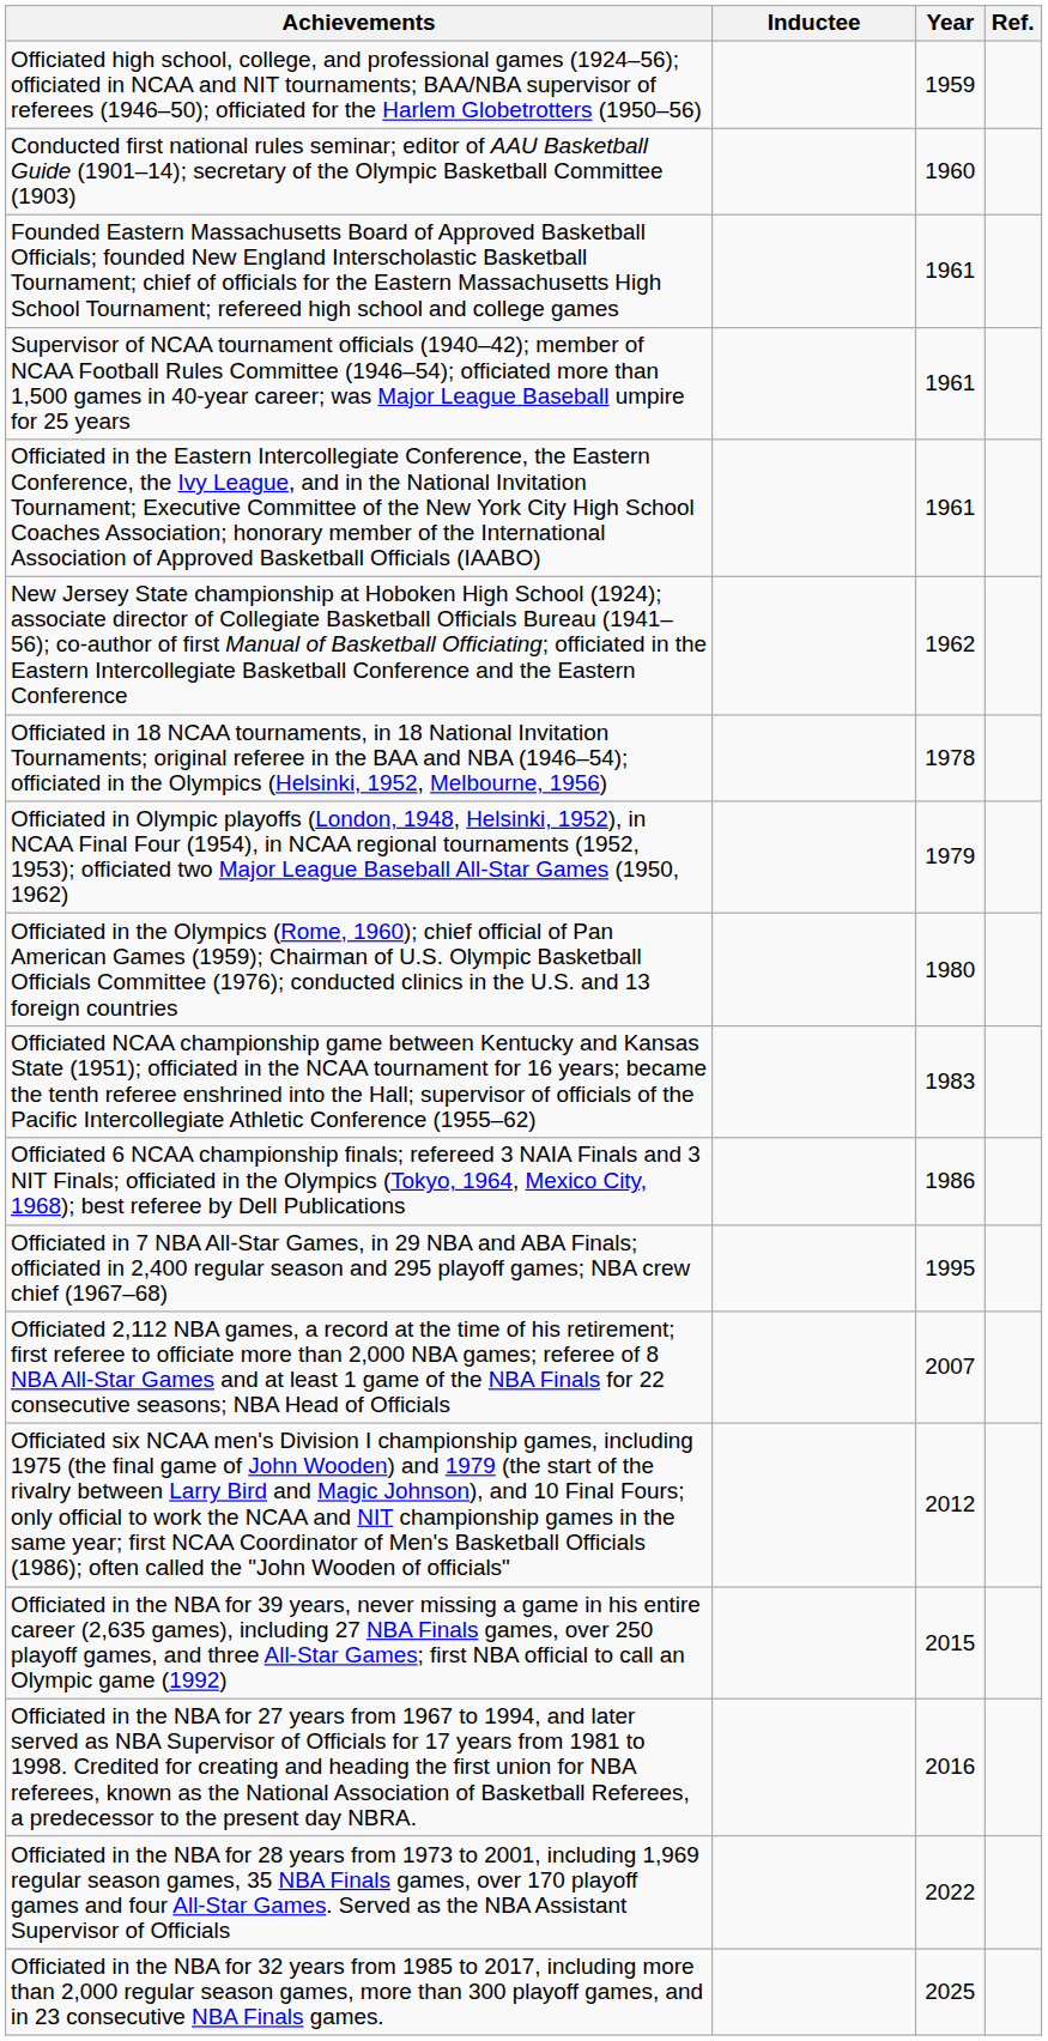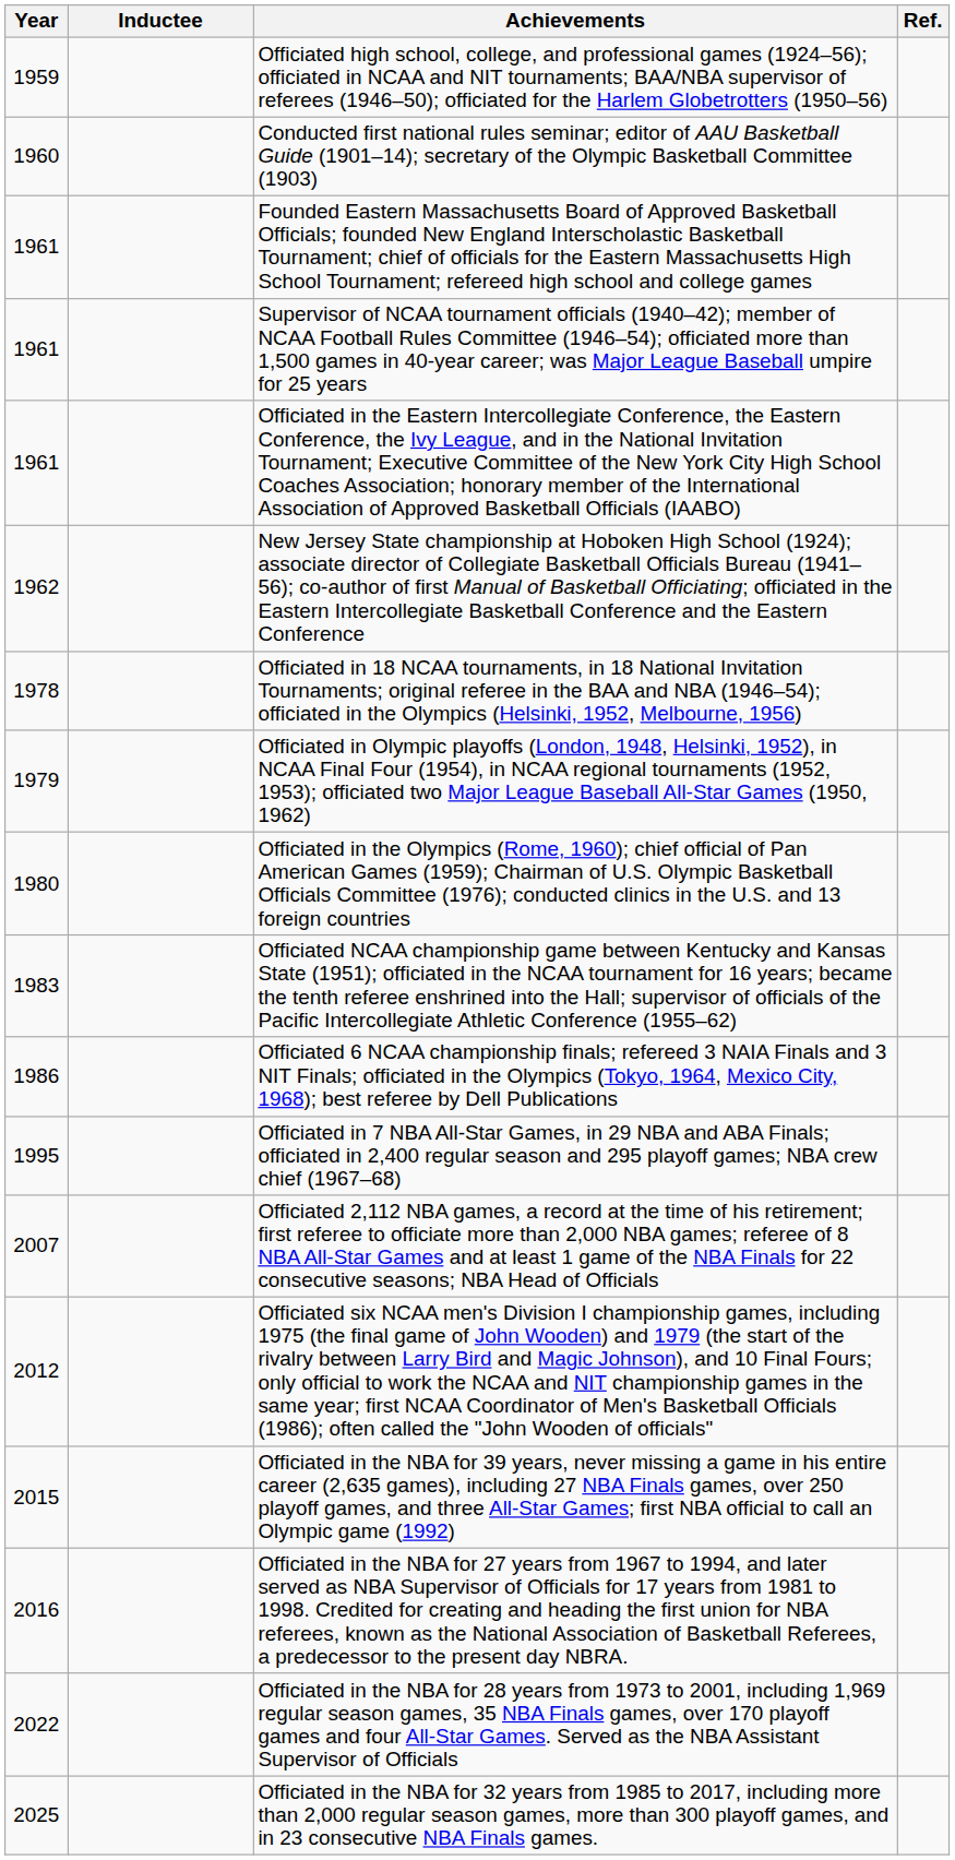 <table class="wikitable sortable" style="text-align:center; width:83%">
 <tr>
+<th width=5%>Year</th>
+<th width=17%>Inductee</th>
 <th class="unsortable" style="width:59%;">Achievements</th>
-<th width=17%>Inductee</th>
-<th width=5%>Year</th>
 <th class="unsortable" style="width:2%;">Ref.</th>
 </tr>
 <tr>
+<td>1959</td>
+<td></td>
 <td align="left">Officiated high school, college, and professional games (1924–56); officiated in NCAA and NIT tournaments; BAA/NBA supervisor of referees (1946–50); officiated for the <a href='#'>Harlem Globetrotters</a> (1950–56)</td>
-<td></td>
-<td>1959</td>
 <td style="text-align:center;"></td>
 </tr>
 <tr>
+<td>1960</td>
+<td></td>
 <td align="left">Conducted first national rules seminar; editor of <em>AAU Basketball Guide</em> (1901–14); secretary of the Olympic Basketball Committee (1903)</td>
-<td></td>
-<td>1960</td>
 <td style="text-align:center;"></td>
 </tr>
 <tr>
+<td>1961</td>
+<td></td>
 <td align="left">Founded Eastern Massachusetts Board of Approved Basketball Officials; founded New England Interscholastic Basketball Tournament; chief of officials for the Eastern Massachusetts High School Tournament; refereed high school and college games</td>
-<td></td>
-<td>1961</td>
 <td style="text-align:center;"></td>
 </tr>
 <tr>
+<td>1961</td>
+<td></td>
 <td align="left">Supervisor of NCAA tournament officials (1940–42); member of NCAA Football Rules Committee (1946–54); officiated more than 1,500 games in 40-year career; was <a href='#'>Major League Baseball</a> umpire for 25 years</td>
-<td></td>
-<td>1961</td>
 <td style="text-align:center;"></td>
 </tr>
 <tr>
+<td>1961</td>
+<td></td>
 <td align="left">Officiated in the Eastern Intercollegiate Conference, the Eastern Conference, the <a href='#'>Ivy League</a>, and in the National Invitation Tournament; Executive Committee of the New York City High School Coaches Association; honorary member of the International Association of Approved Basketball Officials (IAABO)</td>
-<td></td>
-<td>1961</td>
 <td style="text-align:center;"></td>
 </tr>
 <tr>
+<td>1962</td>
+<td></td>
 <td align="left">New Jersey State championship at Hoboken High School (1924); associate director of Collegiate Basketball Officials Bureau (1941–56); co-author of first <em>Manual of Basketball Officiating</em>; officiated in the Eastern Intercollegiate Basketball Conference and the Eastern Conference</td>
-<td></td>
-<td>1962</td>
 <td style="text-align:center;"></td>
 </tr>
 <tr>
+<td>1978</td>
+<td></td>
 <td align="left">Officiated in 18 NCAA tournaments, in 18 National Invitation Tournaments; original referee in the BAA and NBA (1946–54); officiated in the Olympics (<a href='#'>Helsinki, 1952</a>, <a href='#'>Melbourne, 1956</a>)</td>
-<td></td>
-<td>1978</td>
 <td style="text-align:center;"></td>
 </tr>
 <tr>
+<td>1979</td>
+<td></td>
 <td align="left">Officiated in Olympic playoffs (<a href='#'>London, 1948</a>, <a href='#'>Helsinki, 1952</a>), in NCAA Final Four (1954), in NCAA regional tournaments (1952, 1953); officiated two <a href='#'>Major League Baseball All-Star Games</a> (1950, 1962)</td>
-<td></td>
-<td>1979</td>
 <td style="text-align:center;"></td>
 </tr>
 <tr>
+<td>1980</td>
+<td></td>
 <td align="left">Officiated in the Olympics (<a href='#'>Rome, 1960</a>); chief official of Pan American Games (1959); Chairman of U.S. Olympic Basketball Officials Committee (1976); conducted clinics in the U.S. and 13 foreign countries</td>
-<td></td>
-<td>1980</td>
 <td style="text-align:center;"></td>
 </tr>
 <tr>
+<td>1983</td>
+<td></td>
 <td align="left">Officiated NCAA championship game between Kentucky and Kansas State (1951); officiated in the NCAA tournament for 16 years; became the tenth referee enshrined into the Hall; supervisor of officials of the Pacific Intercollegiate Athletic Conference (1955–62)</td>
-<td></td>
-<td>1983</td>
 <td style="text-align:center;"></td>
 </tr>
 <tr>
+<td>1986</td>
+<td></td>
 <td align="left">Officiated 6 NCAA championship finals; refereed 3 NAIA Finals and 3 NIT Finals; officiated in the Olympics (<a href='#'>Tokyo, 1964</a>, <a href='#'>Mexico City, 1968</a>); best referee by Dell Publications</td>
-<td></td>
-<td>1986</td>
 <td style="text-align:center;"></td>
 </tr>
 <tr>
+<td>1995</td>
+<td></td>
 <td align="left">Officiated in 7 NBA All-Star Games, in 29 NBA and ABA Finals; officiated in 2,400 regular season and 295 playoff games; NBA crew chief (1967–68)</td>
-<td></td>
-<td>1995</td>
 <td style="text-align:center;"></td>
 </tr>
 <tr>
+<td>2007</td>
+<td></td>
 <td align="left">Officiated 2,112 NBA games, a record at the time of his retirement; first referee to officiate more than 2,000 NBA games; referee of 8 <a href='#'>NBA All-Star Games</a> and at least 1 game of the <a href='#'>NBA Finals</a> for 22 consecutive seasons; NBA Head of Officials</td>
-<td></td>
-<td>2007</td>
 <td style="text-align:center;"></td>
 </tr>
 <tr>
+<td>2012</td>
+<td></td>
 <td style="text-align:left;">Officiated six NCAA men's Division I championship games, including 1975 (the final game of <a href='#'>John Wooden</a>) and <a href='#'>1979</a> (the start of the rivalry between <a href='#'>Larry Bird</a> and <a href='#'>Magic Johnson</a>), and 10 Final Fours; only official to work the NCAA and <a href='#'>NIT</a> championship games in the same year; first NCAA Coordinator of Men's Basketball Officials (1986); often called the "John Wooden of officials"</td>
-<td></td>
-<td>2012</td>
 <td style="text-align:center;"></td>
 </tr>
 <tr>
+<td>2015</td>
+<td></td>
 <td style="text-align:left;">Officiated in the NBA for 39 years, never missing a game in his entire career (2,635 games), including 27 <a href='#'>NBA Finals</a> games, over 250 playoff games, and three <a href='#'>All-Star Games</a>; first NBA official to call an Olympic game (<a href='#'>1992</a>)</td>
-<td></td>
-<td>2015</td>
 <td style="text-align:center;"></td>
 </tr>
 <tr>
+<td>2016</td>
+<td></td>
 <td style="text-align:left;">Officiated in the NBA for 27 years from 1967 to 1994, and later served as NBA Supervisor of Officials for 17 years from 1981 to 1998. Credited for creating and heading the first union for NBA referees, known as the National Association of Basketball Referees, a predecessor to the present day NBRA.</td>
-<td></td>
-<td>2016</td>
 <td style="text-align:center;"></td>
 </tr>
 <tr>
+<td>2022</td>
+<td></td>
 <td style="text-align:left;">Officiated in the NBA for 28 years from 1973 to 2001, including 1,969 regular season games, 35 <a href='#'>NBA Finals</a> games, over 170 playoff games and four <a href='#'>All-Star Games</a>. Served as the NBA Assistant Supervisor of Officials</td>
-<td></td>
-<td>2022</td>
 <td style="text-align:center;"></td>
 </tr>
 <tr>
+<td>2025</td>
+<td></td>
 <td style="text-align:left;">Officiated in the NBA for 32 years from 1985 to 2017, including more than 2,000 regular season games, more than 300 playoff games, and in 23 consecutive <a href='#'>NBA Finals</a> games.</td>
-<td></td>
-<td>2025</td>
 <td style="text-align:center;"></td>
 </tr>
 </table>
